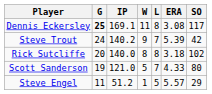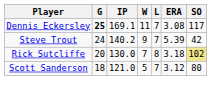 <table class="wikitable sortable" style="text-align:center">
 <tr>
 <th>Player</th>
 <th>G</th>
 <th>IP</th>
 <th>W</th>
 <th>L</th>
 <th>ERA</th>
 <th>SO</th>
 </tr>
 <tr>
 <td><a href='#'>Dennis Eckersley</a></td>
 <td><strong>25</strong></td>
 <td>169.1</td>
 <td>11</td>
-<td>8</td>
+<td>7</td>
 <td>3.08</td>
 <td>117</td>
 </tr>
 <tr>
 <td><a href='#'>Steve Trout</a></td>
 <td>24</td>
 <td>140.2</td>
 <td>9</td>
 <td>7</td>
 <td>5.39</td>
 <td>42</td>
 </tr>
 <tr>
 <td><a href='#'>Rick Sutcliffe</a></td>
 <td>20</td>
-<td>140.0</td>
-<td>8</td>
+<td>130.0</td>
+<td>7</td>
 <td>8</td>
 <td>3.18</td>
-<td>102</td>
+<td style="background: khaki;">102</td>
 </tr>
 <tr>
 <td><a href='#'>Scott Sanderson</a></td>
-<td>19</td>
+<td>18</td>
 <td>121.0</td>
 <td>5</td>
 <td>7</td>
-<td>4.33</td>
+<td>3.12</td>
 <td>80</td>
 </tr>
-<tr>
-<td><a href='#'>Steve Engel</a></td>
-<td>11</td>
-<td>51.2</td>
-<td>1</td>
-<td>5</td>
-<td>5.57</td>
-<td>29</td>
-</tr>
 </table>
